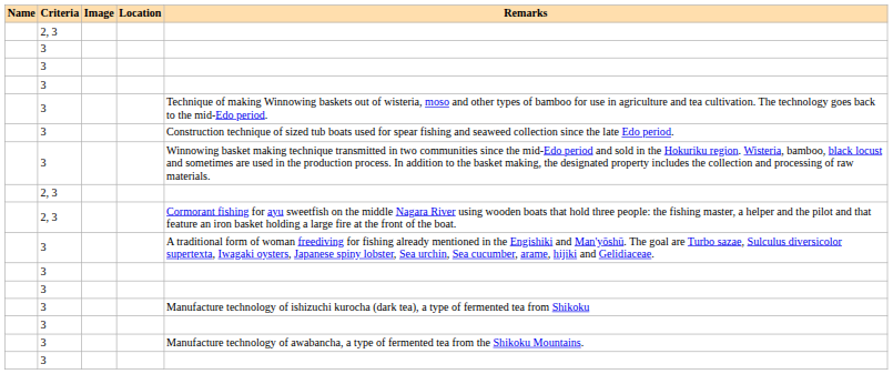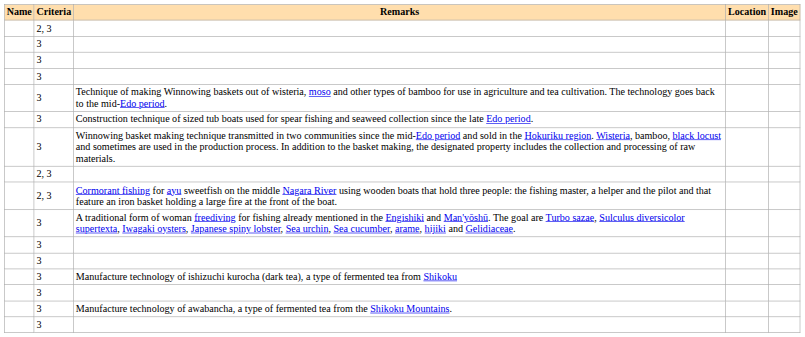 <table class="wikitable sortable" width="100%" style="background:#ffffff;">
 <tr>
 <th align="left" style="background:#ffdead;">Name</th>
 <th align="left" style="background:#ffdead;">Criteria</th>
+<th align="left" style="background:#ffdead;" class="unsortable">Remarks</th>
+<th style="background:#ffdead;">Location</th>
 <th align="left" style="background:#ffdead;" class="unsortable">Image</th>
-<th style="background:#ffdead;">Location</th>
-<th align="left" style="background:#ffdead;" class="unsortable">Remarks</th>
 </tr>
 <tr>
 <td></td>
 <td>2, 3</td>
 <td></td>
 <td></td>
 <td></td>
 </tr>
 <tr>
 <td></td>
 <td>3</td>
 <td></td>
 <td></td>
 <td></td>
 </tr>
 <tr>
 <td></td>
 <td>3</td>
 <td></td>
 <td></td>
 <td></td>
 </tr>
 <tr>
 <td></td>
 <td>3</td>
 <td></td>
 <td></td>
 <td></td>
 </tr>
 <tr>
 <td></td>
 <td>3</td>
+<td>Technique of making Winnowing baskets out of wisteria, <a href='#'>moso</a> and other types of bamboo for use in agriculture and tea cultivation. The technology goes back to the mid-<a href='#'>Edo period</a>.</td>
 <td></td>
 <td></td>
-<td>Technique of making Winnowing baskets out of wisteria, <a href='#'>moso</a> and other types of bamboo for use in agriculture and tea cultivation. The technology goes back to the mid-<a href='#'>Edo period</a>.</td>
 </tr>
 <tr>
 <td></td>
 <td>3</td>
+<td>Construction technique of  sized tub boats used for spear fishing and seaweed collection since the late <a href='#'>Edo period</a>.</td>
 <td></td>
 <td></td>
-<td>Construction technique of  sized tub boats used for spear fishing and seaweed collection since the late <a href='#'>Edo period</a>.</td>
 </tr>
 <tr>
 <td></td>
 <td>3</td>
+<td>Winnowing basket making technique transmitted in two communities since the mid-<a href='#'>Edo period</a> and sold in the <a href='#'>Hokuriku region</a>. <a href='#'>Wisteria</a>, bamboo, <a href='#'>black locust</a> and sometimes  are used in the production process. In addition to the basket making, the designated property includes the collection and processing of raw materials.</td>
 <td></td>
 <td></td>
-<td>Winnowing basket making technique transmitted in two communities since the mid-<a href='#'>Edo period</a> and sold in the <a href='#'>Hokuriku region</a>. <a href='#'>Wisteria</a>, bamboo, <a href='#'>black locust</a> and sometimes  are used in the production process. In addition to the basket making, the designated property includes the collection and processing of raw materials.</td>
 </tr>
 <tr>
 <td></td>
 <td>2, 3</td>
 <td></td>
 <td></td>
 <td></td>
 </tr>
 <tr>
 <td></td>
 <td>2, 3</td>
+<td><a href='#'>Cormorant fishing</a> for <a href='#'>ayu</a> sweetfish on the middle <a href='#'>Nagara River</a> using wooden boats that hold three people: the fishing master, a helper and the pilot and that feature an iron basket holding a large fire at the front of the boat.</td>
 <td></td>
 <td></td>
-<td><a href='#'>Cormorant fishing</a> for <a href='#'>ayu</a> sweetfish on the middle <a href='#'>Nagara River</a> using wooden boats that hold three people: the fishing master, a helper and the pilot and that feature an iron basket holding a large fire at the front of the boat.</td>
 </tr>
 <tr>
 <td></td>
 <td>3</td>
+<td>A traditional form of woman <a href='#'>freediving</a> for fishing already mentioned in the <a href='#'>Engishiki</a> and <a href='#'>Man'yōshū</a>. The goal are <a href='#'>Turbo sazae</a>, <a href='#'>Sulculus diversicolor supertexta</a>, <a href='#'>Iwagaki oysters</a>, <a href='#'>Japanese spiny lobster</a>, <a href='#'>Sea urchin</a>, <a href='#'>Sea cucumber</a>, <a href='#'>arame</a>, <a href='#'>hijiki</a> and <a href='#'>Gelidiaceae</a>.</td>
 <td></td>
 <td></td>
-<td>A traditional form of woman <a href='#'>freediving</a> for fishing already mentioned in the <a href='#'>Engishiki</a> and <a href='#'>Man'yōshū</a>. The goal are <a href='#'>Turbo sazae</a>, <a href='#'>Sulculus diversicolor supertexta</a>, <a href='#'>Iwagaki oysters</a>, <a href='#'>Japanese spiny lobster</a>, <a href='#'>Sea urchin</a>, <a href='#'>Sea cucumber</a>, <a href='#'>arame</a>, <a href='#'>hijiki</a> and <a href='#'>Gelidiaceae</a>.</td>
 </tr>
 <tr>
 <td></td>
 <td>3</td>
 <td></td>
 <td></td>
 <td></td>
 </tr>
 <tr>
 <td></td>
 <td>3</td>
 <td></td>
 <td></td>
 <td></td>
 </tr>
 <tr>
 <td></td>
 <td>3</td>
+<td>Manufacture technology of ishizuchi kurocha (dark tea), a type of fermented tea from <a href='#'>Shikoku</a></td>
 <td></td>
 <td></td>
-<td>Manufacture technology of ishizuchi kurocha (dark tea), a type of fermented tea from <a href='#'>Shikoku</a></td>
 </tr>
 <tr>
 <td></td>
 <td>3</td>
 <td></td>
 <td></td>
 <td></td>
 </tr>
 <tr>
 <td></td>
 <td>3</td>
+<td>Manufacture technology of awabancha, a type of fermented tea from the <a href='#'>Shikoku Mountains</a>.</td>
 <td></td>
 <td></td>
-<td>Manufacture technology of awabancha, a type of fermented tea from the <a href='#'>Shikoku Mountains</a>.</td>
 </tr>
 <tr>
 <td></td>
 <td>3</td>
 <td></td>
 <td></td>
 <td></td>
 </tr>
 </table>
